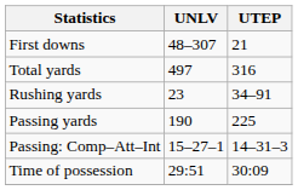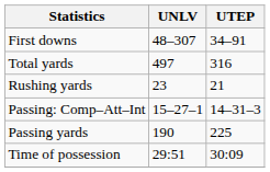 <table class="wikitable" style="float: left;">
 <tr>
 <th>Statistics</th>
 <th>UNLV</th>
 <th>UTEP</th>
 </tr>
 <tr>
 <td>First downs</td>
 <td>48–307</td>
-<td>21</td>
+<td>34–91</td>
 </tr>
 <tr>
 <td>Total yards</td>
 <td>497</td>
 <td>316</td>
 </tr>
 <tr>
 <td>Rushing yards</td>
 <td>23</td>
-<td>34–91</td>
+<td>21</td>
+</tr>
+<tr>
+<td>Passing: Comp–Att–Int</td>
+<td>15–27–1</td>
+<td>14–31–3</td>
 </tr>
 <tr>
 <td>Passing yards</td>
 <td>190</td>
 <td>225</td>
-</tr>
-<tr>
-<td>Passing: Comp–Att–Int</td>
-<td>15–27–1</td>
-<td>14–31–3</td>
 </tr>
 <tr>
 <td>Time of possession</td>
 <td>29:51</td>
 <td>30:09</td>
 </tr>
 <tr>
 </tr>
 </table>
